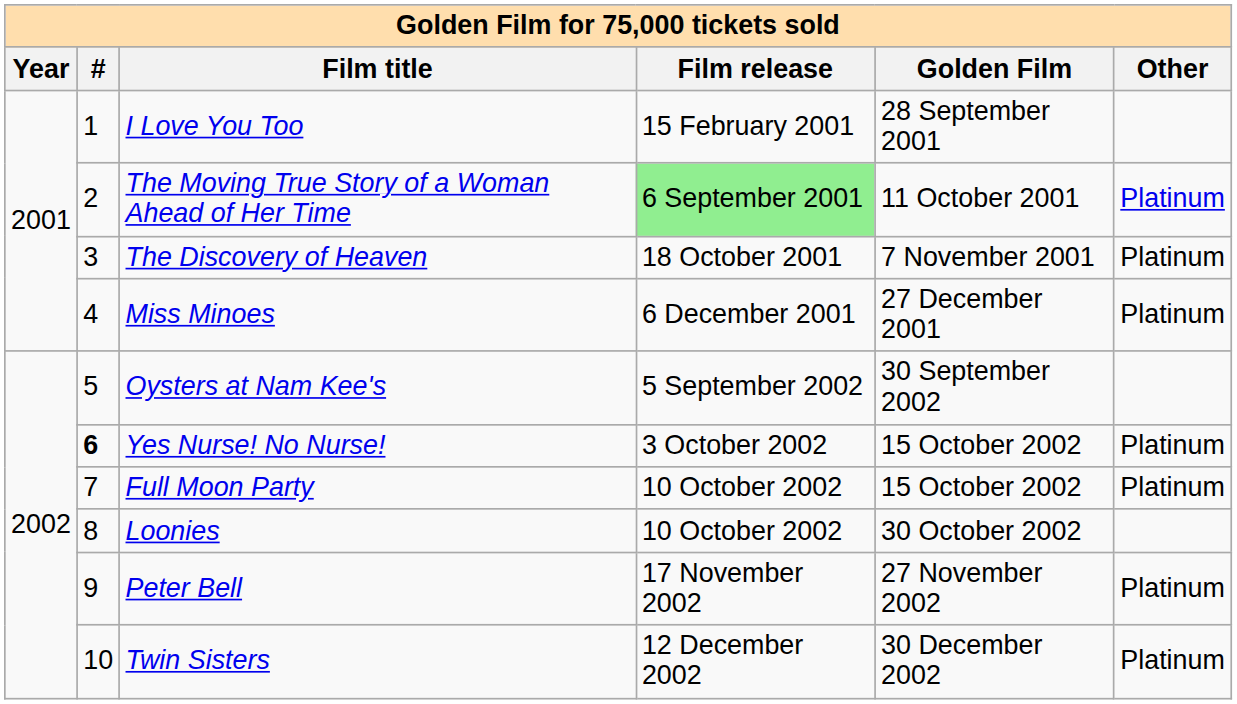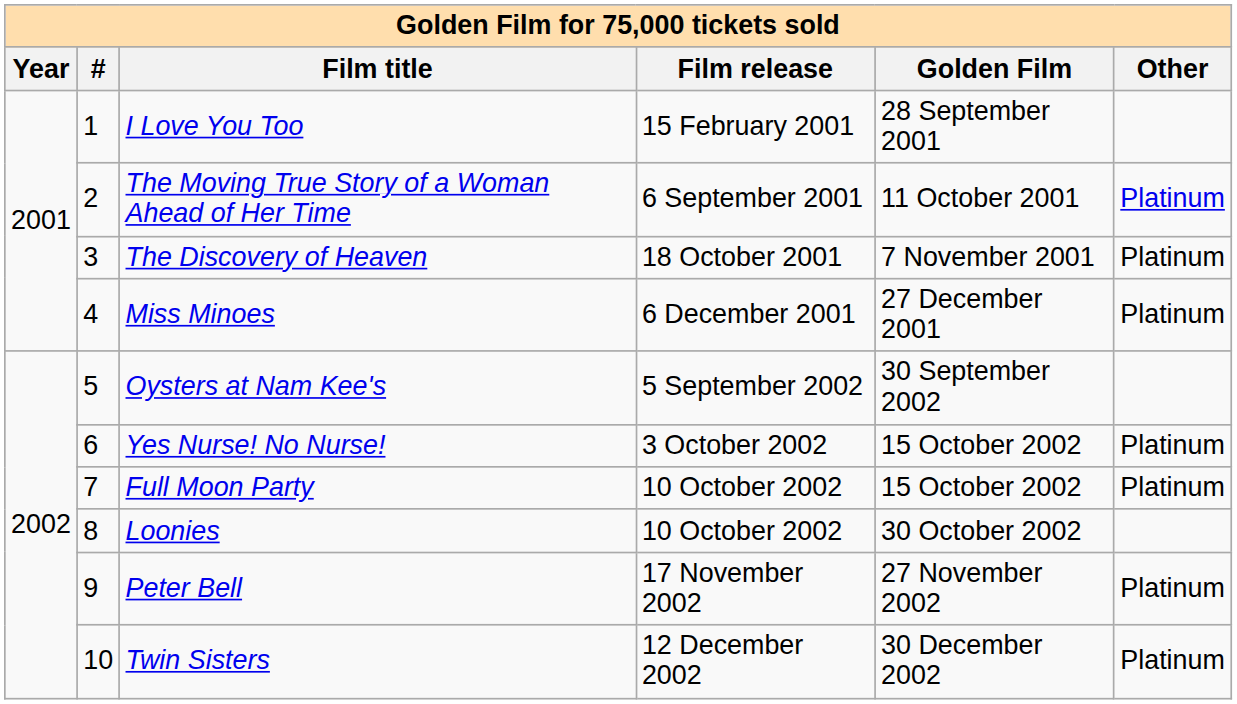 <table class="wikitable" |>
 <tr>
 <th colspan="6" style="background: #ffdead;">Golden Film for 75,000 tickets sold</th>
 </tr>
 <tr>
 <th>Year</th>
 <th style="width: 10px;">#</th>
 <th style="width: 300px;">Film title</th>
 <th style="width: 135px;">Film release</th>
 <th style="width: 135px;">Golden Film</th>
 <th style="width: 50px;">Other</th>
 </tr>
 <tr>
 <td rowspan="4">2001</td>
 <td>1</td>
 <td><em><a href='#'>I Love You Too</a></em></td>
 <td>15 February 2001</td>
 <td>28 September 2001</td>
 </tr>
 <tr>
 <td>2</td>
 <td><em><a href='#'>The Moving True Story of a Woman Ahead of Her Time</a></em></td>
-<td style="background: lightgreen;">6 September 2001</td>
+<td>6 September 2001</td>
 <td>11 October 2001</td>
 <td><a href='#'>Platinum</a></td>
 </tr>
 <tr>
 <td>3</td>
 <td><em><a href='#'>The Discovery of Heaven</a></em></td>
 <td>18 October 2001</td>
 <td>7 November 2001</td>
 <td>Platinum</td>
 </tr>
 <tr>
 <td>4</td>
 <td><em><a href='#'>Miss Minoes</a></em></td>
 <td>6 December 2001</td>
 <td>27 December 2001</td>
 <td>Platinum</td>
 </tr>
 <tr>
 <td rowspan="6">2002</td>
 <td>5</td>
 <td><em><a href='#'>Oysters at Nam Kee's</a></em></td>
 <td>5 September 2002</td>
 <td>30 September 2002</td>
 </tr>
 <tr>
-<td><strong>6</strong></td>
+<td>6</td>
 <td><em><a href='#'>Yes Nurse! No Nurse!</a></em></td>
 <td>3 October 2002</td>
 <td>15 October 2002</td>
 <td>Platinum</td>
 </tr>
 <tr>
 <td>7</td>
 <td><em><a href='#'>Full Moon Party</a></em></td>
 <td>10 October 2002</td>
 <td>15 October 2002</td>
 <td>Platinum</td>
 </tr>
 <tr>
 <td>8</td>
 <td><em><a href='#'>Loonies</a></em></td>
 <td>10 October 2002</td>
 <td>30 October 2002</td>
 </tr>
 <tr>
 <td>9</td>
 <td><em><a href='#'>Peter Bell</a></em></td>
 <td>17 November 2002</td>
 <td>27 November 2002</td>
 <td>Platinum</td>
 </tr>
 <tr>
 <td>10</td>
 <td><em><a href='#'>Twin Sisters</a></em></td>
 <td>12 December 2002</td>
 <td>30 December 2002</td>
 <td>Platinum</td>
 </tr>
 </table>
